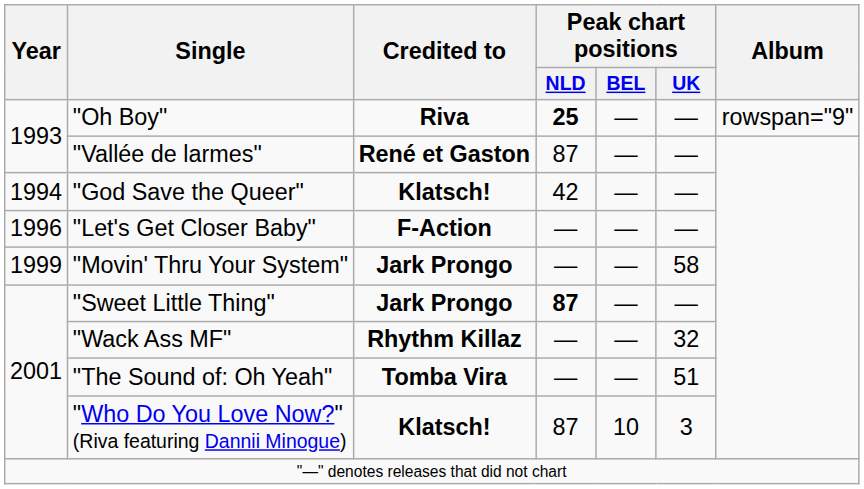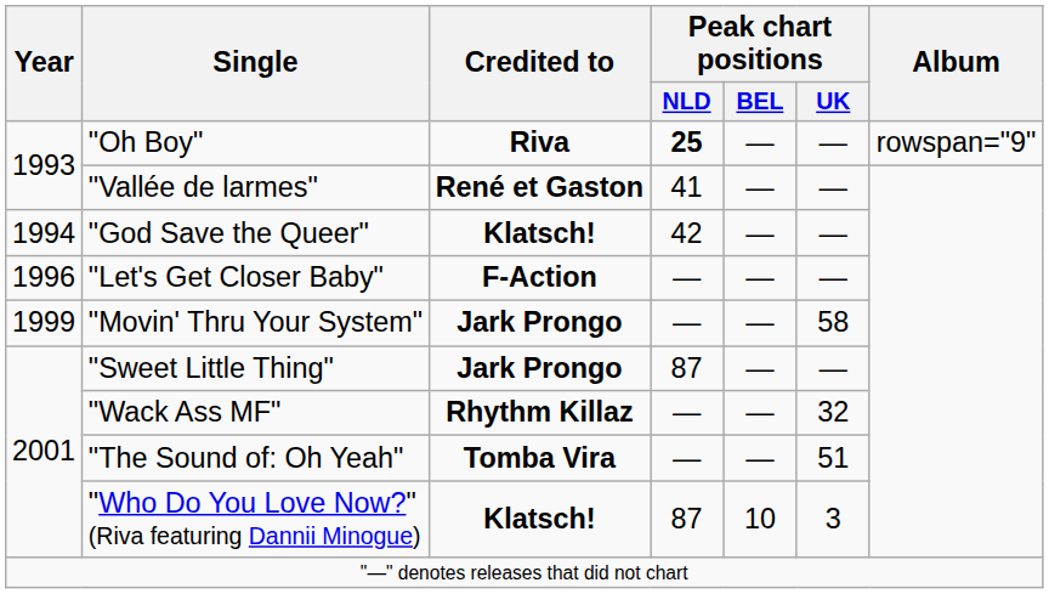 <table class="wikitable" style="text-align:center;">
 <tr>
 <th rowspan="2">Year</th>
 <th rowspan="2">Single</th>
 <th rowspan="2">Credited to</th>
 <th colspan="3">Peak chart positions</th>
 <th rowspan="2">Album</th>
 </tr>
 <tr style="font-size:smaller;">
 <th width="35"><a href='#'>NLD</a></th>
 <th width="35"><a href='#'>BEL</a></th>
 <th width="35"><a href='#'>UK</a><br></th>
 </tr>
 <tr>
 <td rowspan=2>1993</td>
 <td align="left">"Oh Boy"</td>
 <td align="center"><strong>Riva</strong></td>
 <td><strong>25</strong></td>
 <td>—</td>
 <td>—</td>
 <td>rowspan="9" </td>
 </tr>
 <tr>
 <td align="left">"Vallée de larmes"</td>
 <td align="center"><strong>René et Gaston</strong></td>
-<td>87</td>
+<td>41</td>
 <td>—</td>
 <td>—</td>
 </tr>
 <tr>
 <td rowspan=1>1994</td>
 <td align="left">"God Save the Queer"</td>
 <td align="center"><strong>Klatsch!</strong></td>
 <td>42</td>
 <td>—</td>
 <td>—</td>
 </tr>
 <tr>
 <td rowspan=1>1996</td>
 <td align="left">"Let's Get Closer Baby"</td>
 <td align="center"><strong>F-Action</strong></td>
 <td>—</td>
 <td>—</td>
 <td>—</td>
 </tr>
 <tr>
 <td rowspan=1>1999</td>
 <td align="left">"Movin' Thru Your System"</td>
 <td align="center"><strong>Jark Prongo</strong></td>
 <td>—</td>
 <td>—</td>
 <td>58</td>
 </tr>
 <tr>
 <td rowspan=4>2001</td>
 <td align="left">"Sweet Little Thing"</td>
 <td align="center"><strong>Jark Prongo</strong></td>
-<td><strong>87</strong></td>
+<td>87</td>
 <td>—</td>
 <td>—</td>
 </tr>
 <tr>
 <td align="left">"Wack Ass MF"</td>
 <td align="center"><strong>Rhythm Killaz</strong></td>
 <td>—</td>
 <td>—</td>
 <td>32</td>
 </tr>
 <tr>
 <td align="left">"The Sound of: Oh Yeah"</td>
 <td align="center"><strong>Tomba Vira</strong></td>
 <td>—</td>
 <td>—</td>
 <td>51</td>
 </tr>
 <tr>
 <td align="left">"<a href='#'>Who Do You Love Now?</a>" <br><small>(Riva featuring <a href='#'>Dannii Minogue</a>)</small></td>
 <td align="center"><strong>Klatsch!</strong></td>
 <td>87</td>
 <td>10</td>
 <td>3</td>
 </tr>
 <tr>
 <td colspan="7" style="font-size:8pt">"—" denotes releases that did not chart</td>
 </tr>
 </table>
